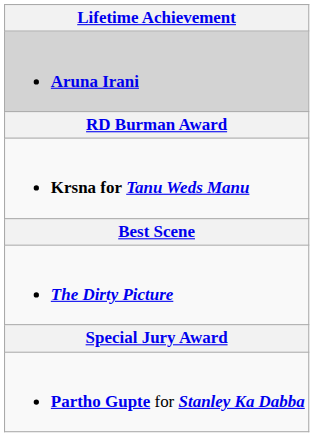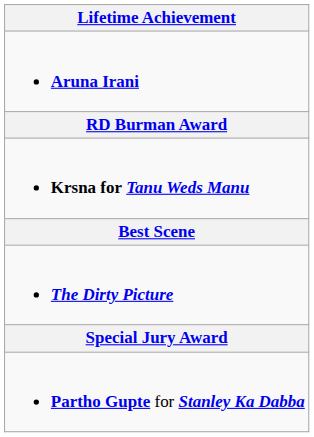 <table class="wikitable">
 <tr>
 <th colspan=2><a href='#'>Lifetime Achievement</a></th>
 </tr>
 <tr>
-<td style="background: lightgrey;"><br><ul><li><strong><a href='#'>Aruna Irani</a></strong></li></ul></td>
+<td><br><ul><li><strong><a href='#'>Aruna Irani</a></strong></li></ul></td>
 </tr>
 <tr>
 <th colspan=2><a href='#'>RD Burman Award</a></th>
 </tr>
 <tr>
 <td colspan=2><br><ul><li><strong>Krsna</strong> <strong>for</strong> <strong><em><a href='#'>Tanu Weds Manu</a></em></strong></li></ul></td>
 </tr>
 <tr>
 <th colspan=2><a href='#'>Best Scene</a></th>
 </tr>
 <tr>
 <td colspan=2><br><ul><li><strong><em><a href='#'>The Dirty Picture</a></em></strong></li></ul></td>
 </tr>
 <tr>
 <th colspan=2><a href='#'>Special Jury Award</a></th>
 </tr>
 <tr>
 <td colspan=2><br><ul><li><strong><a href='#'>Partho Gupte</a></strong> for <strong><em><a href='#'>Stanley Ka Dabba</a></em></strong></li></ul></td>
 </tr>
 </table>
